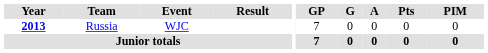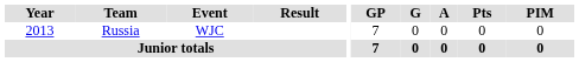 <table border="0" cellpadding="1" cellspacing="0" ID="Table3" style="text-align:center; width:40em">
 <tr ALIGN="center" bgcolor="#e0e0e0">
 <th>Year</th>
 <th>Team</th>
 <th>Event</th>
 <th>Result</th>
 <th rowspan="99" bgcolor="#ffffff"></th>
 <th>GP</th>
 <th>G</th>
 <th>A</th>
 <th>Pts</th>
 <th>PIM</th>
 </tr>
 <tr>
-<td><strong><a href='#'>2013</a></strong></td>
+<td><a href='#'>2013</a></td>
 <td><a href='#'>Russia</a></td>
 <td><a href='#'>WJC</a></td>
 <td></td>
 <td>7</td>
 <td>0</td>
 <td>0</td>
 <td>0</td>
 <td>0</td>
 </tr>
 <tr bgcolor="#e0e0e0">
 <th colspan="4">Junior totals</th>
 <th>7</th>
 <th>0</th>
 <th>0</th>
 <th>0</th>
 <th>0</th>
 </tr>
 </table>
